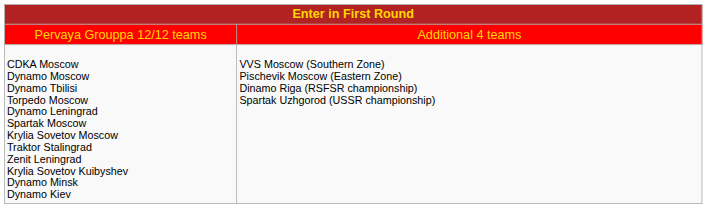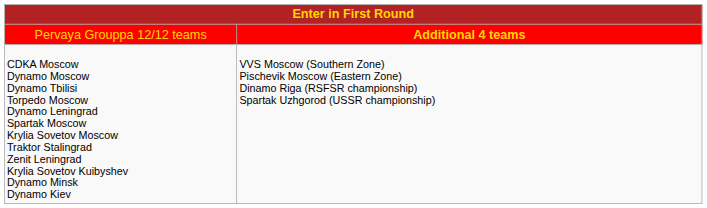 <table class="wikitable" style="width:100%;">
 <tr style="background:Firebrick; text-align:center;">
 <td style="width:90%; color:Gold" colspan="3"><strong>Enter in First Round</strong></td>
 </tr>
 <tr style="background:Red;">
 <td style="text-align:center; width:30%; color:Gold" colspan=1>Pervaya Grouppa 12/12 teams</td>
-<td style="text-align:center; width:60%; color:Gold" colspan=1>Additional 4 teams</td>
+<td style="text-align:center; width:60%; color:Gold" colspan=1><strong>Additional 4 teams</strong></td>
 </tr>
 <tr style="vertical-align:top; font-size:85%;">
 <td rowspan=3><br> CDKA Moscow<br>  Dynamo Moscow<br>  Dynamo Tbilisi<br>  Torpedo Moscow<br>  Dynamo Leningrad<br>  Spartak Moscow<br>  Krylia Sovetov Moscow<br>  Traktor Stalingrad<br>  Zenit Leningrad<br>  Krylia Sovetov Kuibyshev<br>  Dynamo Minsk<br>  Dynamo Kiev<br></td>
 <td><br> VVS Moscow (Southern Zone)<br>  Pischevik Moscow (Eastern Zone)<br> Dinamo Riga (RSFSR championship)<br>  Spartak Uzhgorod (USSR championship)<br></td>
 </tr>
 </table>
